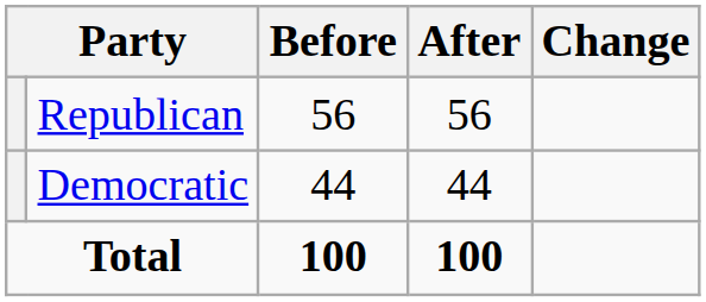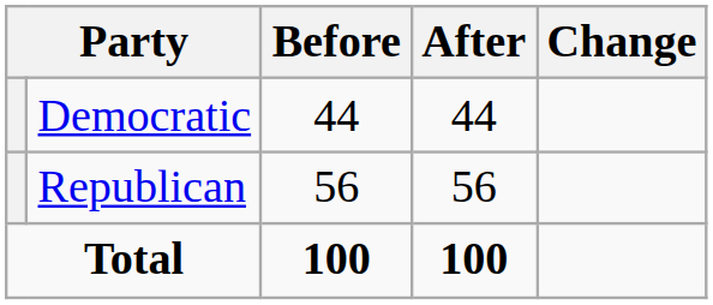 <table class="wikitable" style="text-align:center;">
 <tr>
 <th colspan="2">Party</th>
 <th>Before</th>
 <th>After</th>
 <th>Change</th>
 </tr>
 <tr>
 <th style="background-color:"></th>
-<td style="text-align:left;"><a href='#'>Republican</a></td>
-<td>56</td>
-<td>56</td>
+<td style="text-align:left;"><a href='#'>Democratic</a></td>
+<td>44</td>
+<td>44</td>
 <td></td>
 </tr>
 <tr>
 <th style="background-color:"></th>
-<td style="text-align:left;"><a href='#'>Democratic</a></td>
-<td>44</td>
-<td>44</td>
+<td style="text-align:left;"><a href='#'>Republican</a></td>
+<td>56</td>
+<td>56</td>
 <td></td>
 </tr>
 <tr>
 <td colspan="2"><strong>Total</strong></td>
 <td><strong>100</strong></td>
 <td><strong>100</strong></td>
 <td></td>
 </tr>
 </table>
